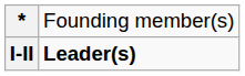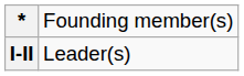 <table class="wikitable">
 <tr>
 <th>*</th>
 <td>Founding member(s)</td>
 </tr>
 <tr>
 <th><strong>I-II</strong></th>
-<td><strong>Leader(s)</strong></td>
+<td>Leader(s)</td>
 </tr>
 </table>
